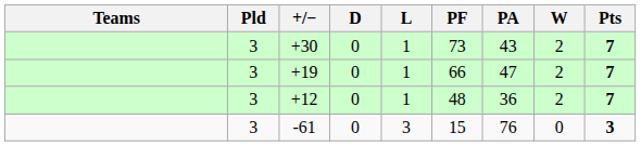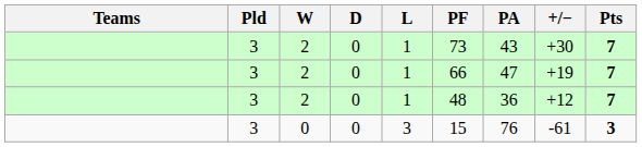 <table class="wikitable" style="text-align: center;">
 <tr>
 <th style="width:200px;">Teams</th>
 <th width="40">Pld</th>
-<th width="40">+/−</th>
+<th width="40">W</th>
 <th width="40">D</th>
 <th width="40">L</th>
 <th width="40">PF</th>
 <th width="40">PA</th>
-<th width="40">W</th>
+<th width="40">+/−</th>
 <th width="40">Pts</th>
 </tr>
 <tr bgcolor=ccffcc>
 <td align=left></td>
 <td>3</td>
-<td>+30</td>
+<td>2</td>
 <td>0</td>
 <td>1</td>
 <td>73</td>
 <td>43</td>
-<td>2</td>
+<td>+30</td>
 <td><strong>7</strong></td>
 </tr>
 <tr bgcolor=ccffcc>
 <td align=left></td>
 <td>3</td>
-<td>+19</td>
+<td>2</td>
 <td>0</td>
 <td>1</td>
 <td>66</td>
 <td>47</td>
-<td>2</td>
+<td>+19</td>
 <td><strong>7</strong></td>
 </tr>
 <tr bgcolor=ccffcc>
 <td align=left></td>
 <td>3</td>
-<td>+12</td>
+<td>2</td>
 <td>0</td>
 <td>1</td>
 <td>48</td>
 <td>36</td>
-<td>2</td>
+<td>+12</td>
 <td><strong>7</strong></td>
 </tr>
 <tr>
 <td align=left></td>
 <td>3</td>
-<td>-61</td>
+<td>0</td>
 <td>0</td>
 <td>3</td>
 <td>15</td>
 <td>76</td>
-<td>0</td>
+<td>-61</td>
 <td><strong>3</strong></td>
 </tr>
 </table>
